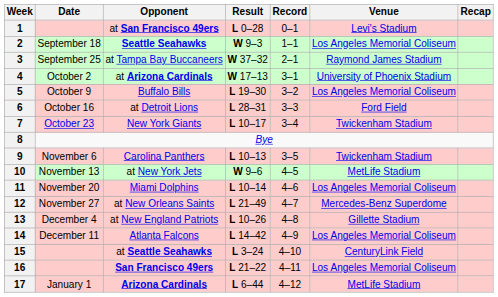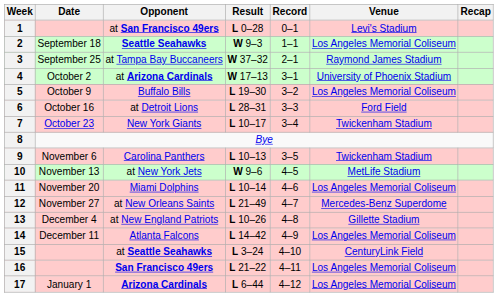 <table class="wikitable" style="text-align:center">
 <tr>
 <th>Week</th>
 <th>Date</th>
 <th>Opponent</th>
 <th>Result</th>
 <th>Record</th>
 <th>Venue</th>
 <th>Recap</th>
 </tr>
 <tr style="background:#fcc">
 <th>1</th>
 <td></td>
 <td>at <strong><a href='#'>San Francisco 49ers</a></strong></td>
 <td><strong>L</strong> 0–28</td>
 <td>0–1</td>
 <td><a href='#'>Levi's Stadium</a></td>
 <td></td>
 </tr>
 <tr style="background:#cfc">
 <th>2</th>
 <td>September 18</td>
 <td><strong><a href='#'>Seattle Seahawks</a></strong></td>
 <td><strong>W</strong> 9–3</td>
 <td>1–1</td>
 <td><a href='#'>Los Angeles Memorial Coliseum</a></td>
 <td></td>
 </tr>
 <tr style="background:#cfc">
 <th>3</th>
 <td>September 25</td>
 <td>at <a href='#'>Tampa Bay Buccaneers</a></td>
 <td><strong>W</strong> 37–32</td>
 <td>2–1</td>
 <td><a href='#'>Raymond James Stadium</a></td>
 <td></td>
 </tr>
 <tr style="background:#cfc">
 <th>4</th>
 <td>October 2</td>
 <td>at <strong><a href='#'>Arizona Cardinals</a></strong></td>
 <td><strong>W</strong> 17–13</td>
 <td>3–1</td>
 <td><a href='#'>University of Phoenix Stadium</a></td>
 <td></td>
 </tr>
 <tr style="background:#fcc">
 <th>5</th>
 <td>October 9</td>
 <td><a href='#'>Buffalo Bills</a></td>
 <td><strong>L</strong> 19–30</td>
 <td>3–2</td>
 <td><a href='#'>Los Angeles Memorial Coliseum</a></td>
 <td></td>
 </tr>
 <tr style="background:#fcc">
 <th>6</th>
 <td>October 16</td>
 <td>at <a href='#'>Detroit Lions</a></td>
 <td><strong>L</strong> 28–31</td>
 <td>3–3</td>
 <td><a href='#'>Ford Field</a></td>
 <td></td>
 </tr>
 <tr style="background:#fcc">
 <th>7</th>
 <td><a href='#'>October 23</a></td>
 <td><a href='#'>New York Giants</a></td>
 <td><strong>L</strong> 10–17</td>
 <td>3–4</td>
 <td> <a href='#'>Twickenham Stadium</a> </td>
 <td></td>
 </tr>
 <tr>
 <th>8</th>
 <td colspan="6"><em><a href='#'>Bye</a></em></td>
 </tr>
 <tr style="background:#fcc">
 <th>9</th>
 <td>November 6</td>
 <td><a href='#'>Carolina Panthers</a></td>
 <td><strong>L</strong> 10–13</td>
 <td>3–5</td>
 <td> <a href='#'>Twickenham Stadium</a> </td>
 <td></td>
 </tr>
 <tr style="background:#cfc">
 <th>10</th>
 <td>November 13</td>
 <td>at <a href='#'>New York Jets</a></td>
 <td><strong>W</strong> 9–6</td>
 <td>4–5</td>
 <td><a href='#'>MetLife Stadium</a></td>
 <td></td>
 </tr>
 <tr style="background:#fcc">
 <th>11</th>
 <td>November 20</td>
 <td><a href='#'>Miami Dolphins</a></td>
 <td><strong>L</strong> 10–14</td>
 <td>4–6</td>
 <td><a href='#'>Los Angeles Memorial Coliseum</a></td>
 <td></td>
 </tr>
 <tr style="background:#fcc">
 <th>12</th>
 <td>November 27</td>
 <td>at <a href='#'>New Orleans Saints</a></td>
 <td><strong>L</strong> 21–49</td>
 <td>4–7</td>
 <td><a href='#'>Mercedes-Benz Superdome</a></td>
 <td></td>
 </tr>
 <tr style="background:#fcc">
 <th>13</th>
 <td>December 4</td>
 <td>at <a href='#'>New England Patriots</a></td>
 <td><strong>L</strong> 10–26</td>
 <td>4–8</td>
 <td><a href='#'>Gillette Stadium</a></td>
 <td></td>
 </tr>
 <tr style="background:#fcc">
 <th>14</th>
 <td>December 11</td>
 <td><a href='#'>Atlanta Falcons</a></td>
 <td><strong>L</strong> 14–42</td>
 <td>4–9</td>
 <td><a href='#'>Los Angeles Memorial Coliseum</a></td>
 <td></td>
 </tr>
 <tr style="background:#fcc">
 <th>15</th>
 <td></td>
 <td>at <strong><a href='#'>Seattle Seahawks</a></strong></td>
 <td><strong>L</strong> 3–24</td>
 <td>4–10</td>
 <td><a href='#'>CenturyLink Field</a></td>
 <td></td>
 </tr>
 <tr style="background:#fcc">
 <th>16</th>
 <td></td>
 <td><strong><a href='#'>San Francisco 49ers</a></strong></td>
 <td><strong>L</strong> 21–22</td>
 <td>4–11</td>
 <td><a href='#'>Los Angeles Memorial Coliseum</a></td>
 <td></td>
 </tr>
 <tr style="background:#fcc">
 <th>17</th>
 <td>January 1</td>
 <td><strong><a href='#'>Arizona Cardinals</a></strong></td>
 <td><strong>L</strong> 6–44</td>
 <td>4–12</td>
-<td><a href='#'>MetLife Stadium</a></td>
+<td><a href='#'>Los Angeles Memorial Coliseum</a></td>
 <td></td>
 </tr>
 </table>
